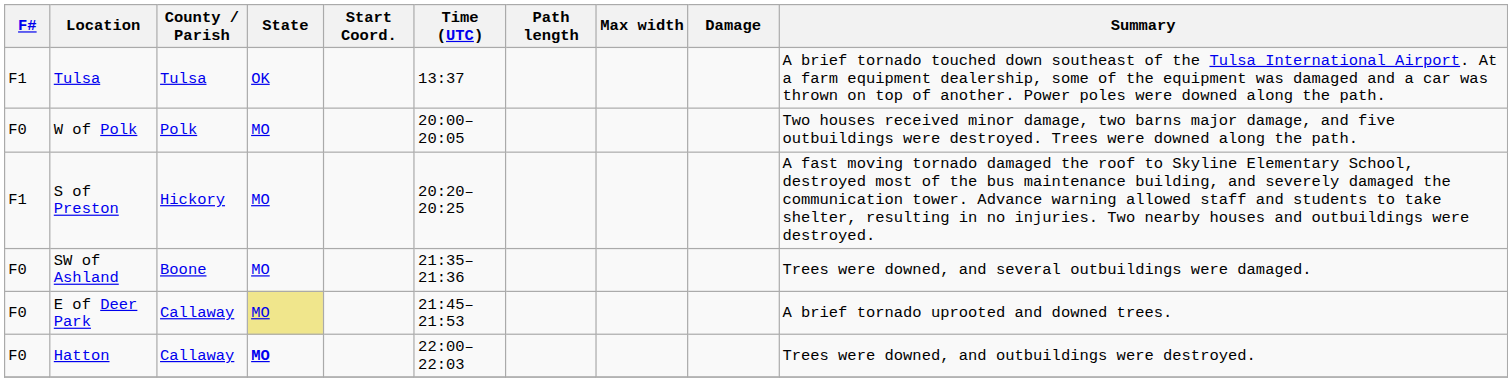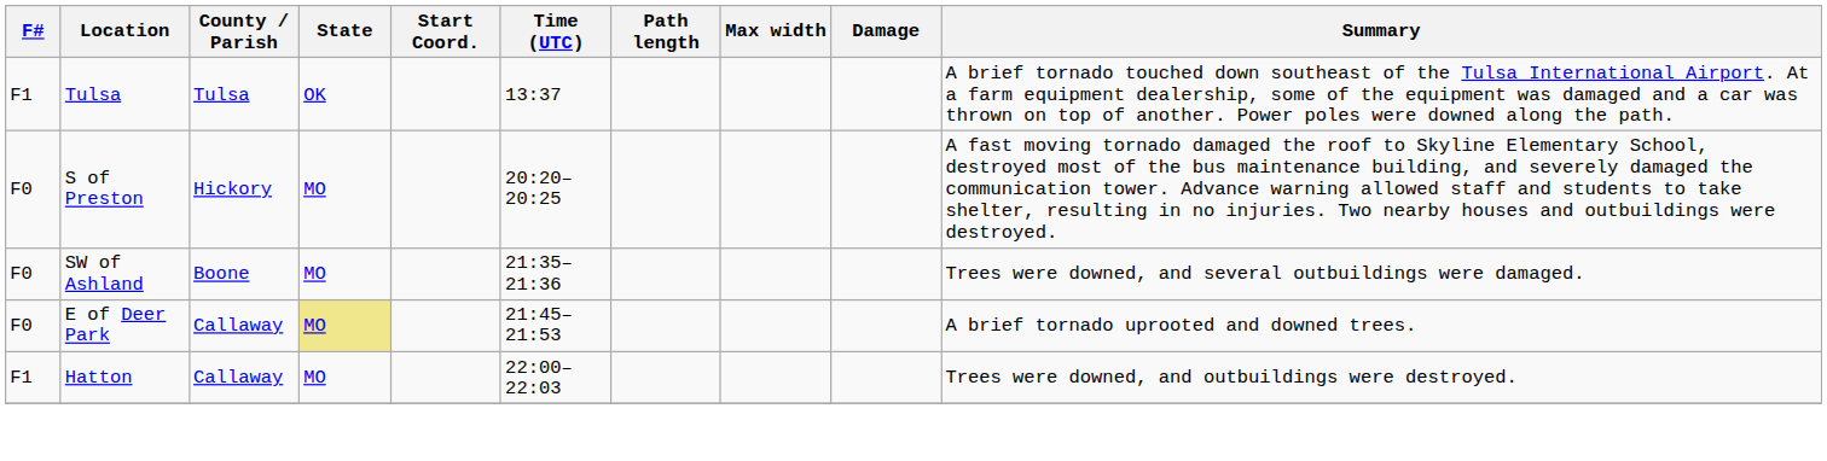 <table class="wikitable sortable" style="width:100%;">
 <tr>
 <th scope="col"  style="width:3%; text-align:center;"><a href='#'>F#</a></th>
 <th scope="col"  style="width:7%; text-align:center;" class="unsortable">Location</th>
 <th scope="col"  style="width:6%; text-align:center;" class="unsortable">County / Parish</th>
 <th scope="col"  style="width:5%; text-align:center;">State</th>
 <th scope="col"  style="width:6%; text-align:center;">Start Coord.</th>
 <th scope="col"  style="width:6%; text-align:center;">Time (<a href='#'>UTC</a>)</th>
 <th scope="col"  style="width:6%; text-align:center;">Path length</th>
 <th scope="col"  style="width:6%; text-align:center;">Max width</th>
 <th scope="col"  style="width:6%; text-align:center;">Damage</th>
 <th scope="col" class="unsortable" style="width:48%; text-align:center;">Summary</th>
 </tr>
 <tr>
 <td>F1</td>
 <td><a href='#'>Tulsa</a></td>
 <td><a href='#'>Tulsa</a></td>
 <td><a href='#'>OK</a></td>
 <td></td>
 <td>13:37</td>
 <td></td>
 <td></td>
 <td></td>
 <td>A brief tornado touched down southeast of the <a href='#'>Tulsa International Airport</a>. At a farm equipment dealership, some of the equipment was damaged and a car was thrown on top of another. Power poles were downed along the path.</td>
 </tr>
 <tr>
 <td>F0</td>
-<td>W of <a href='#'>Polk</a></td>
-<td><a href='#'>Polk</a></td>
-<td><a href='#'>MO</a></td>
-<td></td>
-<td>20:00–20:05</td>
-<td></td>
-<td></td>
-<td></td>
-<td>Two houses received minor damage, two barns major damage, and five outbuildings were destroyed. Trees were downed along the path.</td>
-</tr>
-<tr>
-<td>F1</td>
 <td>S of <a href='#'>Preston</a></td>
 <td><a href='#'>Hickory</a></td>
 <td><a href='#'>MO</a></td>
 <td></td>
 <td>20:20–20:25</td>
 <td></td>
 <td></td>
 <td></td>
 <td>A fast moving tornado damaged the roof to Skyline Elementary School, destroyed most of the bus maintenance building, and severely damaged the communication tower. Advance warning allowed staff and students to take shelter, resulting in no injuries. Two nearby houses and outbuildings were destroyed.</td>
 </tr>
 <tr>
 <td>F0</td>
 <td>SW of <a href='#'>Ashland</a></td>
 <td><a href='#'>Boone</a></td>
 <td><a href='#'>MO</a></td>
 <td></td>
 <td>21:35–21:36</td>
 <td></td>
 <td></td>
 <td></td>
 <td>Trees were downed, and several outbuildings were damaged.</td>
 </tr>
 <tr>
 <td>F0</td>
 <td>E of <a href='#'>Deer Park</a></td>
 <td><a href='#'>Callaway</a></td>
 <td style="background: khaki;"><a href='#'>MO</a></td>
 <td></td>
 <td>21:45–21:53</td>
 <td></td>
 <td></td>
 <td></td>
 <td>A brief tornado uprooted and downed trees.</td>
 </tr>
 <tr>
-<td>F0</td>
+<td>F1</td>
 <td><a href='#'>Hatton</a></td>
 <td><a href='#'>Callaway</a></td>
-<td><strong><a href='#'>MO</a></strong></td>
+<td><a href='#'>MO</a></td>
 <td></td>
 <td>22:00–22:03</td>
 <td></td>
 <td></td>
 <td></td>
 <td>Trees were downed, and outbuildings were destroyed.</td>
 </tr>
 <tr>
 </tr>
 </table>
